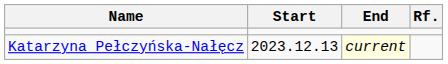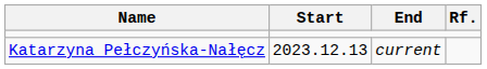 <table class="wikitable sortable">
 <tr>
 <th>Name</th>
 <th>Start</th>
 <th>End</th>
 <th class="unsortable">Rf.</th>
 </tr>
 <tr>
 <td></td>
 </tr>
 <tr>
 <td><a href='#'>Katarzyna Pełczyńska-Nałęcz</a></td>
 <td>2023.12.13</td>
-<td align="center" style="background: lightyellow;"><em>current</em></td>
+<td align="center"><em>current</em></td>
 <td></td>
 </tr>
 </table>
